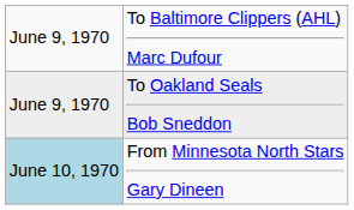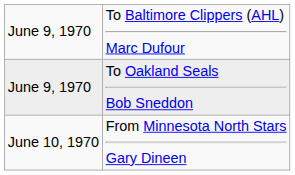 <table class="wikitable">
 <tr>
 <td>June 9, 1970</td>
 <td valign="top">To <a href='#'>Baltimore Clippers</a> (<a href='#'>AHL</a>)<hr><a href='#'>Marc Dufour</a></td>
 </tr>
 <tr style="background:#eee;">
 <td>June 9, 1970</td>
 <td valign="top">To <a href='#'>Oakland Seals</a><hr><a href='#'>Bob Sneddon</a></td>
 </tr>
 <tr>
-<td style="background: lightblue;">June 10, 1970</td>
+<td>June 10, 1970</td>
 <td valign="top">From <a href='#'>Minnesota North Stars</a><hr><a href='#'>Gary Dineen</a></td>
 </tr>
 </table>
